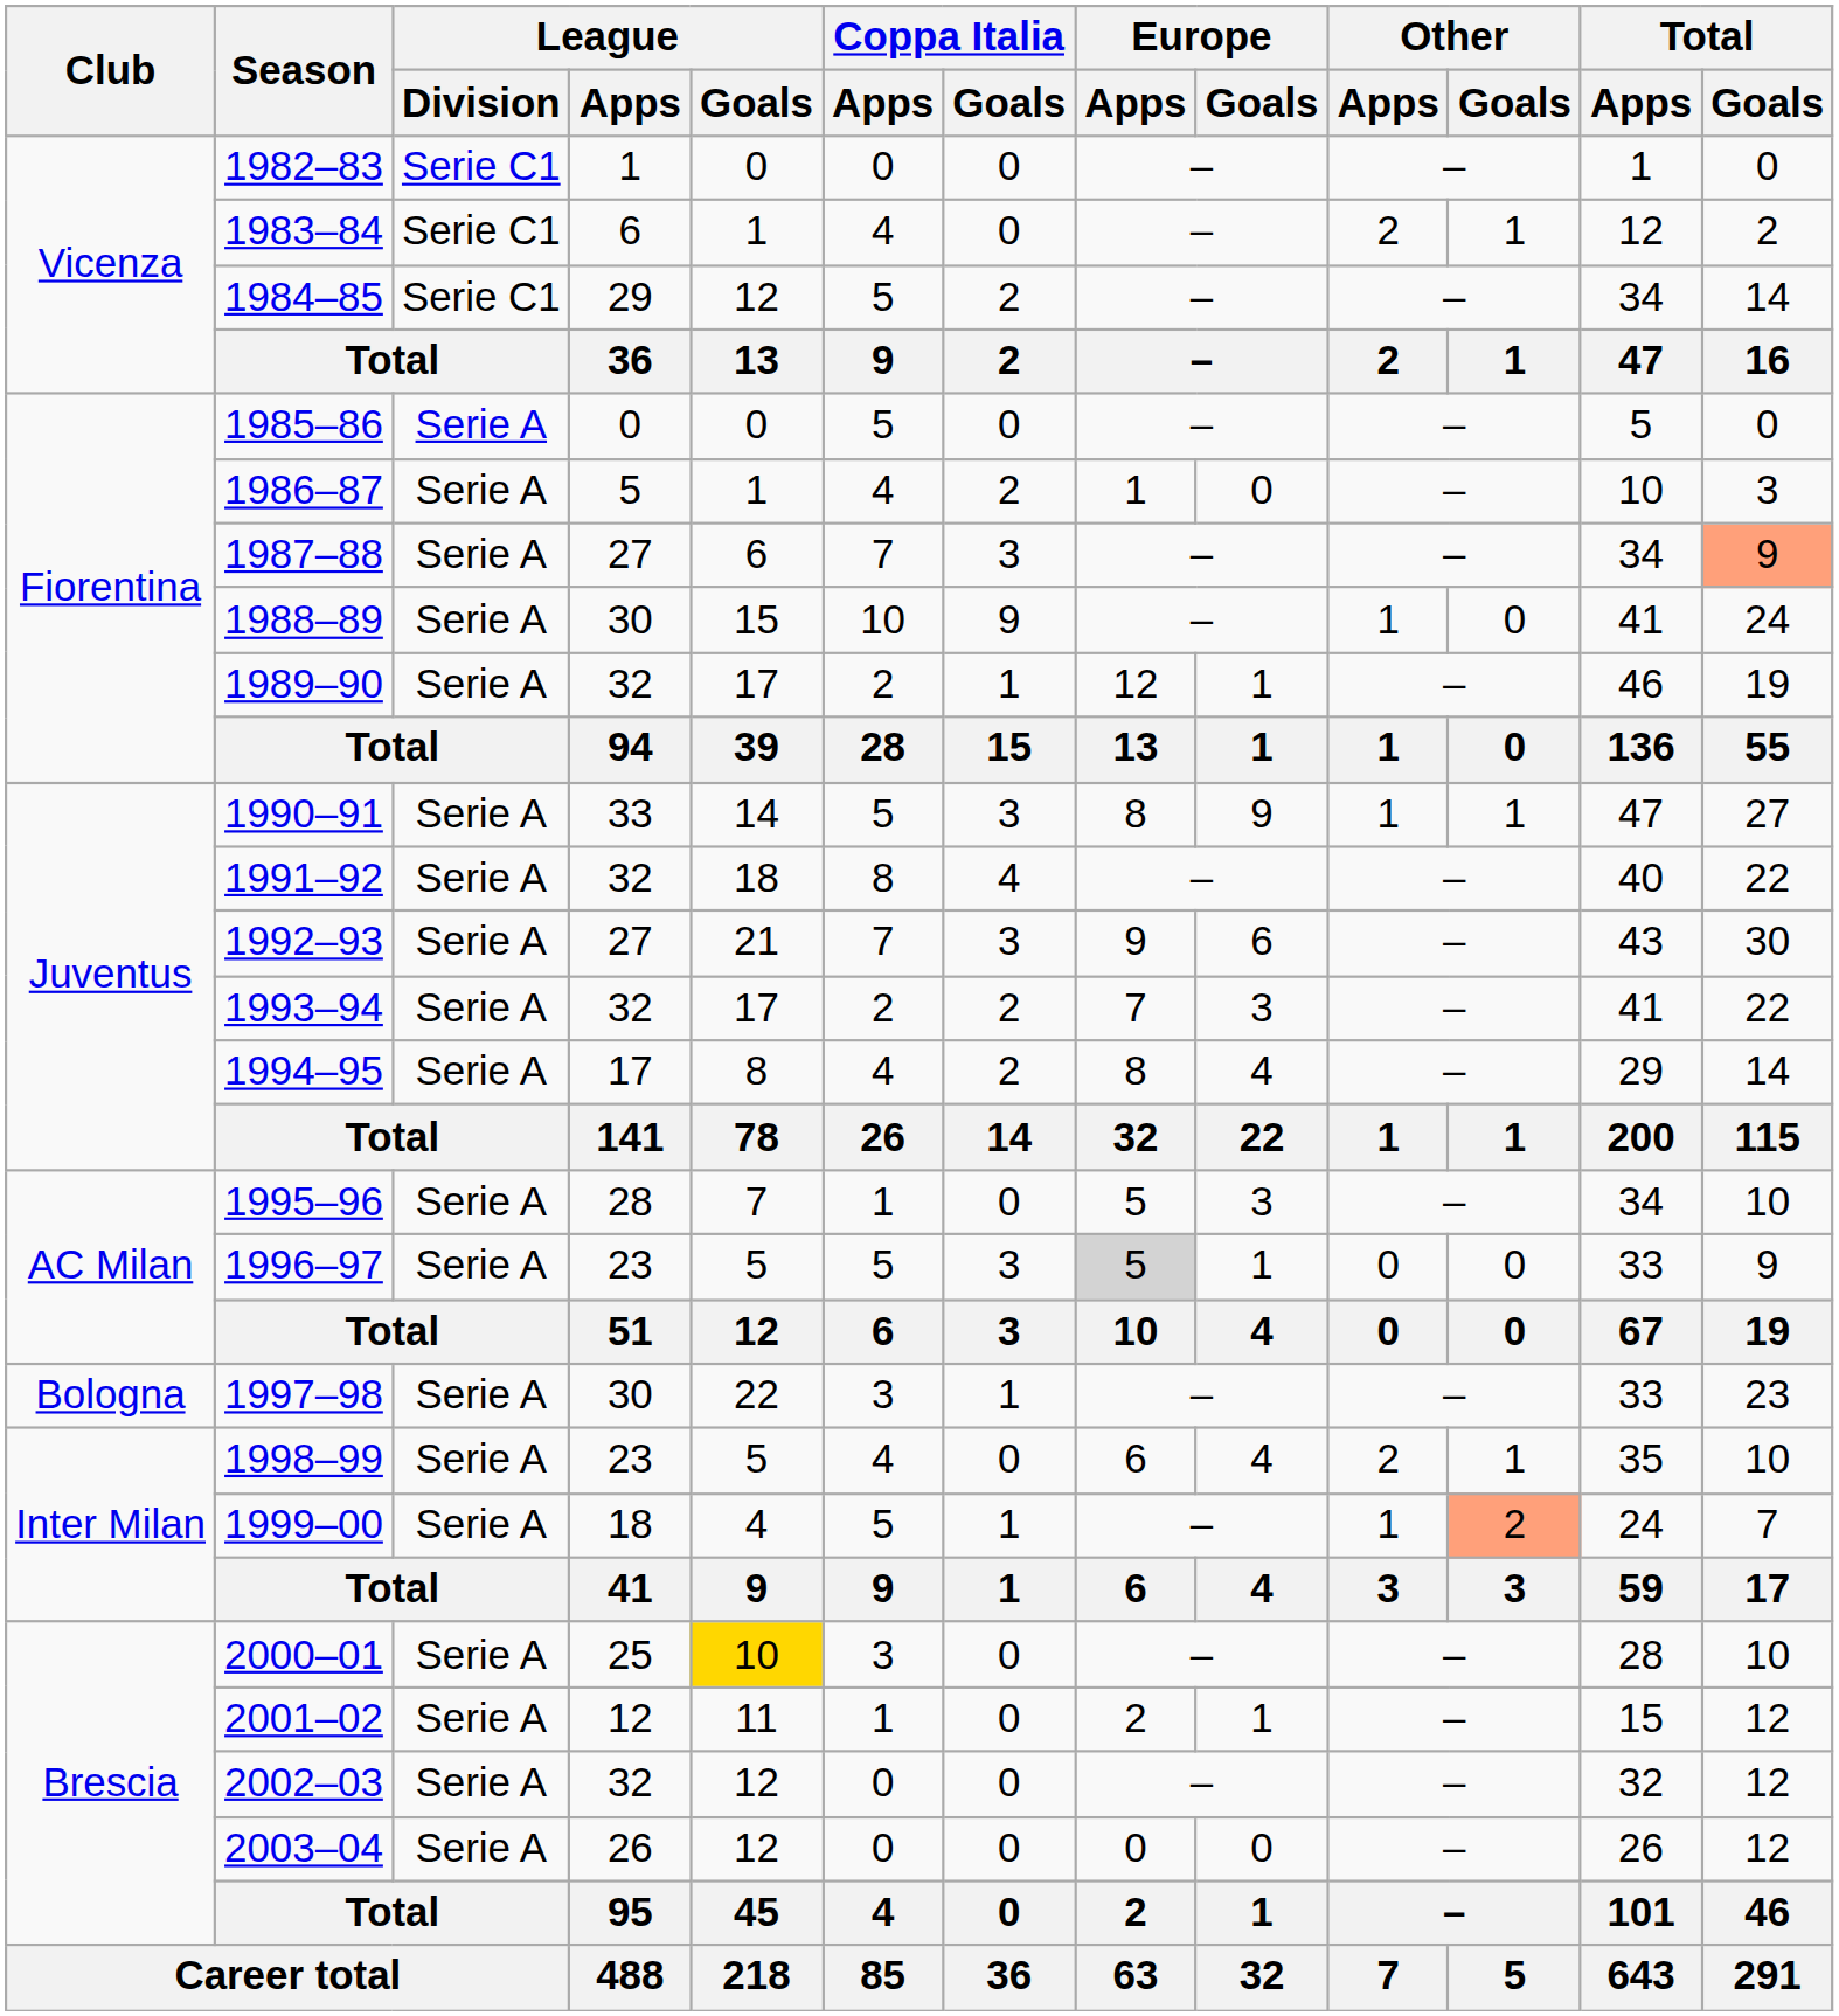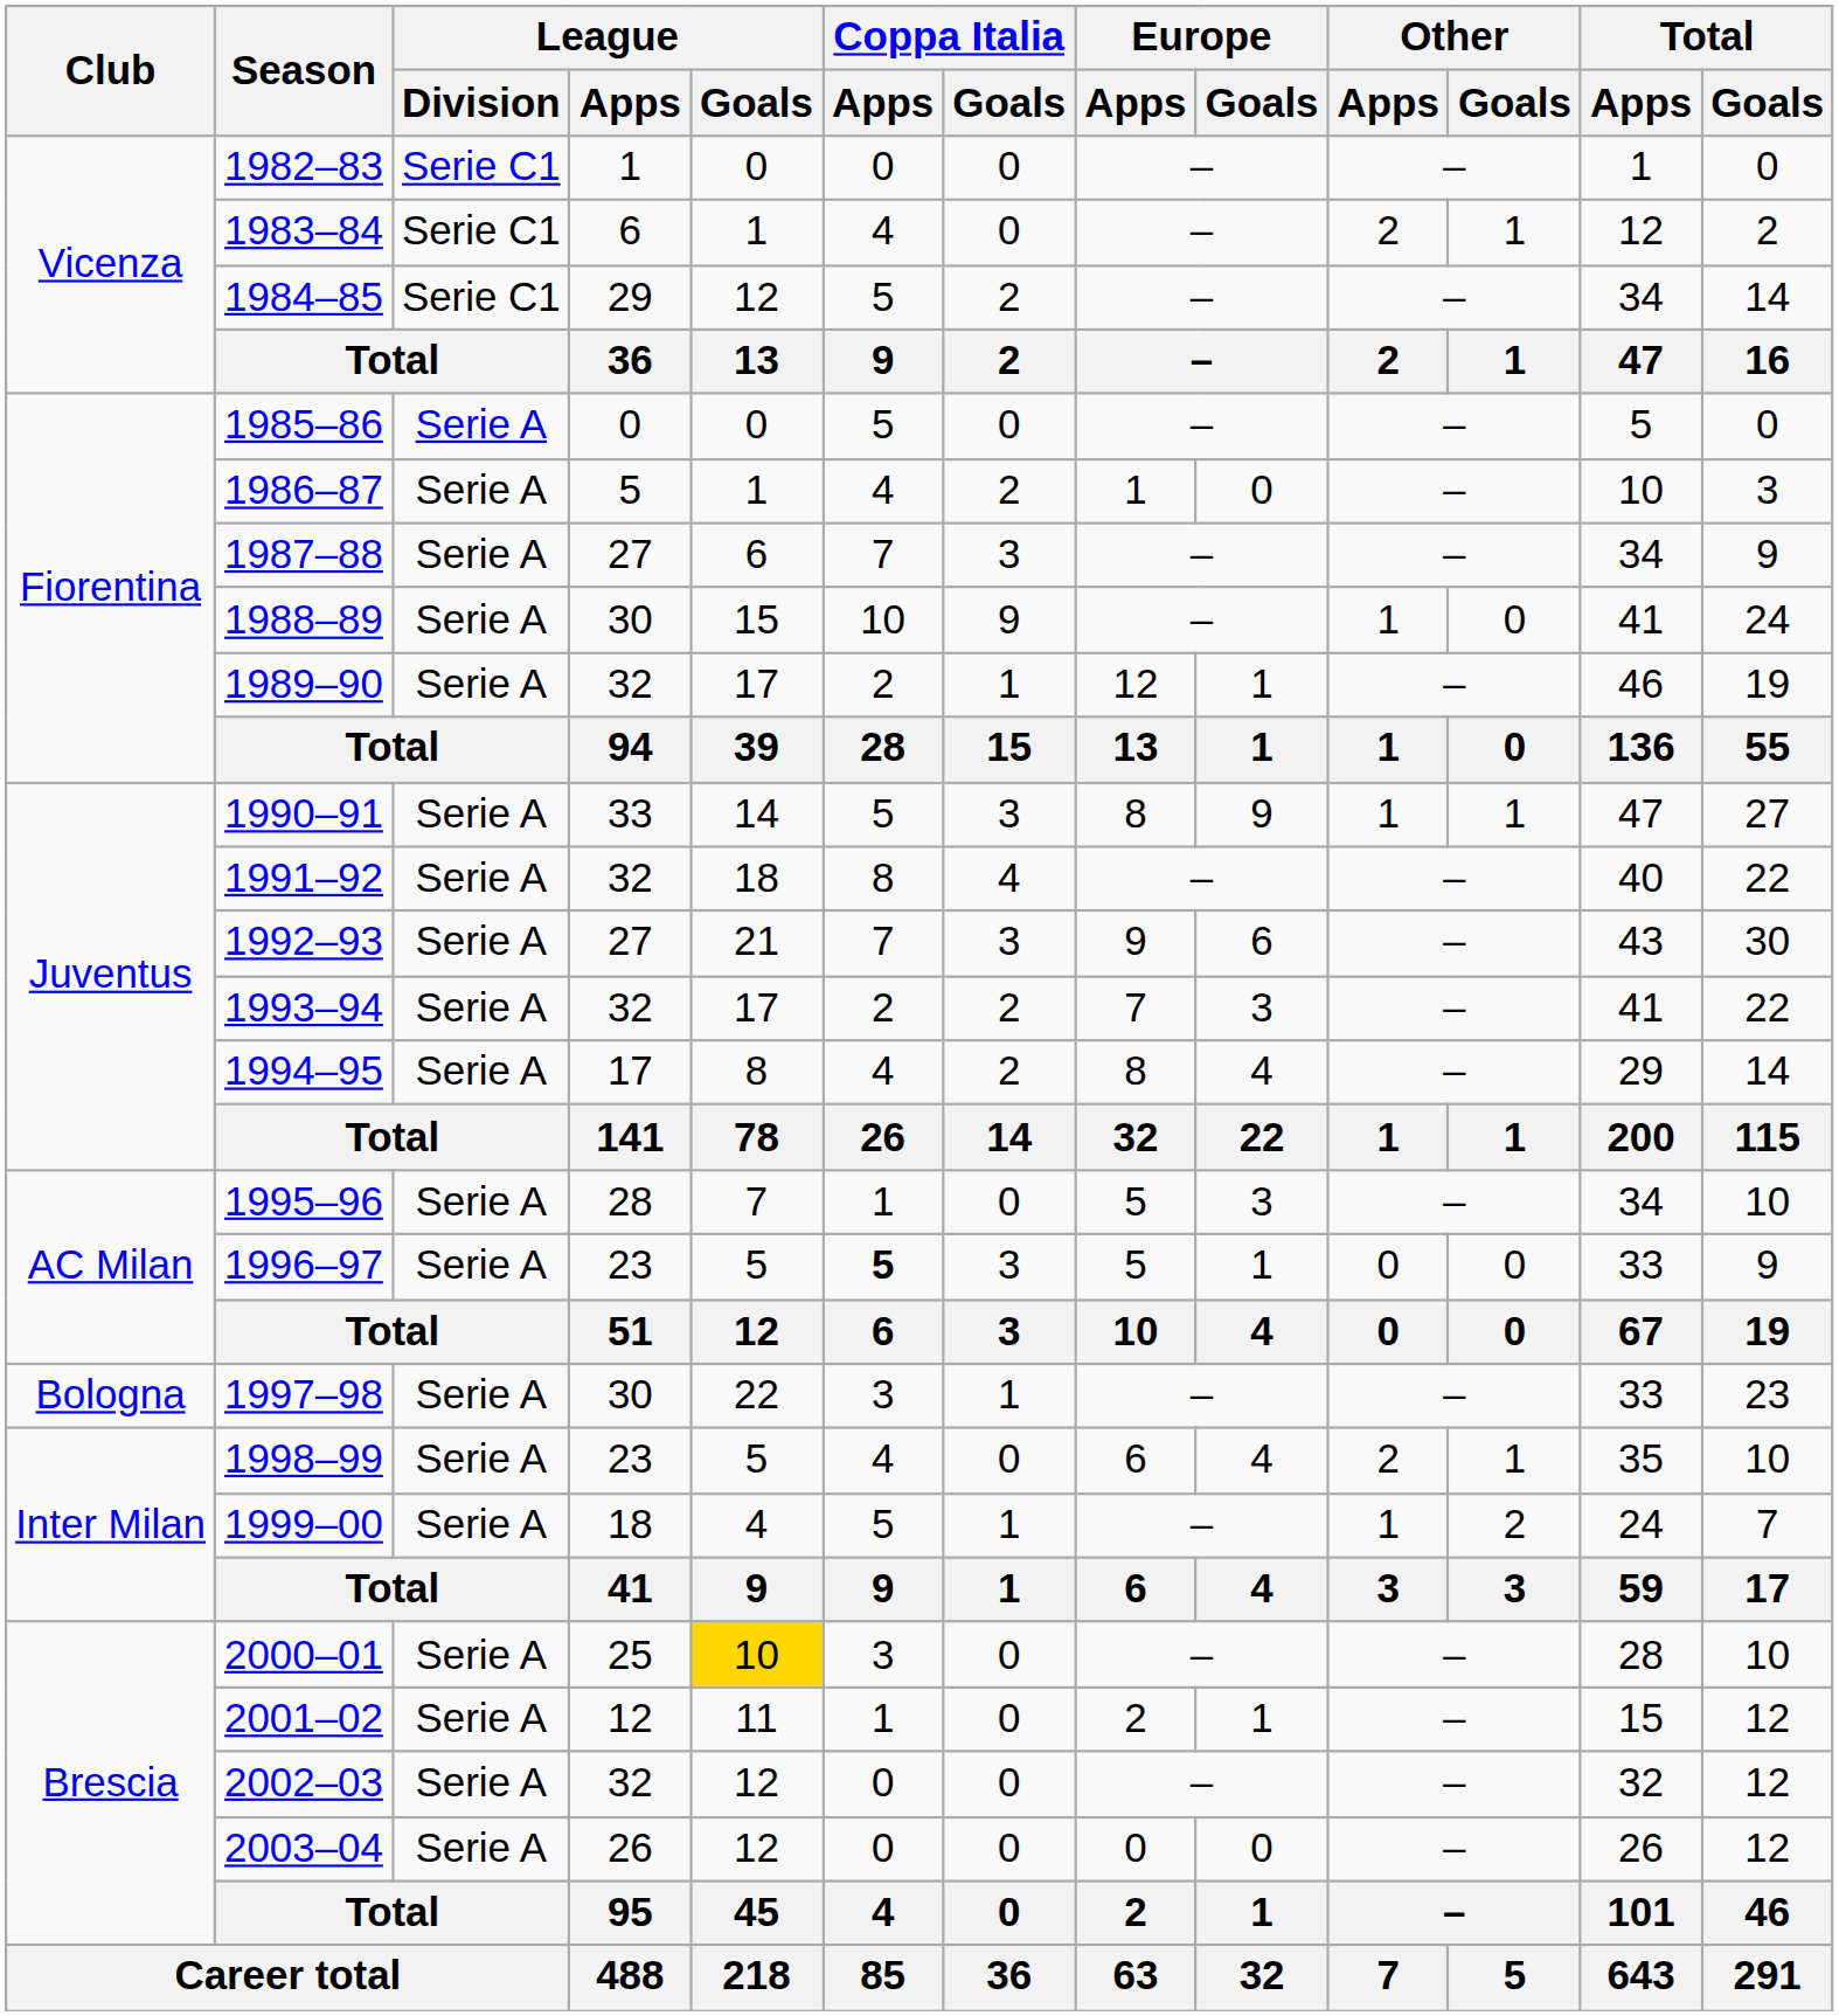 <table class="wikitable" style="text-align:center">
 <tr>
 <th rowspan="2">Club</th>
 <th rowspan="2">Season</th>
 <th colspan="3">League</th>
 <th colspan="2"><a href='#'>Coppa Italia</a></th>
 <th colspan="2">Europe</th>
 <th colspan="2">Other</th>
 <th colspan="2">Total</th>
 </tr>
 <tr>
 <th>Division</th>
 <th>Apps</th>
 <th>Goals</th>
 <th>Apps</th>
 <th>Goals</th>
 <th>Apps</th>
 <th>Goals</th>
 <th>Apps</th>
 <th>Goals</th>
 <th>Apps</th>
 <th>Goals</th>
 </tr>
 <tr>
 <td rowspan="4"><a href='#'>Vicenza</a></td>
 <td><a href='#'>1982–83</a></td>
 <td><a href='#'>Serie C1</a></td>
 <td>1</td>
 <td>0</td>
 <td>0</td>
 <td>0</td>
 <td colspan="2">–</td>
 <td colspan="2">–</td>
 <td>1</td>
 <td>0</td>
 </tr>
 <tr>
 <td><a href='#'>1983–84</a></td>
 <td>Serie C1</td>
 <td>6</td>
 <td>1</td>
 <td>4</td>
 <td>0</td>
 <td colspan="2">–</td>
 <td>2</td>
 <td>1</td>
 <td>12</td>
 <td>2</td>
 </tr>
 <tr>
 <td><a href='#'>1984–85</a></td>
 <td>Serie C1</td>
 <td>29</td>
 <td>12</td>
 <td>5</td>
 <td>2</td>
 <td colspan="2">–</td>
 <td colspan="2">–</td>
 <td>34</td>
 <td>14</td>
 </tr>
 <tr>
 <th colspan="2">Total</th>
 <th>36</th>
 <th>13</th>
 <th>9</th>
 <th>2</th>
 <th colspan="2">–</th>
 <th>2</th>
 <th>1</th>
 <th>47</th>
 <th>16</th>
 </tr>
 <tr>
 <td rowspan="6"><a href='#'>Fiorentina</a></td>
 <td><a href='#'>1985–86</a></td>
 <td><a href='#'>Serie A</a></td>
 <td>0</td>
 <td>0</td>
 <td>5</td>
 <td>0</td>
 <td colspan="2">–</td>
 <td colspan="2">–</td>
 <td>5</td>
 <td>0</td>
 </tr>
 <tr>
 <td><a href='#'>1986–87</a></td>
 <td>Serie A</td>
 <td>5</td>
 <td>1</td>
 <td>4</td>
 <td>2</td>
 <td>1</td>
 <td>0</td>
 <td colspan="2">–</td>
 <td>10</td>
 <td>3</td>
 </tr>
 <tr>
 <td><a href='#'>1987–88</a></td>
 <td>Serie A</td>
 <td>27</td>
 <td>6</td>
 <td>7</td>
 <td>3</td>
 <td colspan="2">–</td>
 <td colspan="2">–</td>
 <td>34</td>
-<td style="background: lightsalmon;">9</td>
+<td>9</td>
 </tr>
 <tr>
 <td><a href='#'>1988–89</a></td>
 <td>Serie A</td>
 <td>30</td>
 <td>15</td>
 <td>10</td>
 <td>9</td>
 <td colspan="2">–</td>
 <td>1</td>
 <td>0</td>
 <td>41</td>
 <td>24</td>
 </tr>
 <tr>
 <td><a href='#'>1989–90</a></td>
 <td>Serie A</td>
 <td>32</td>
 <td>17</td>
 <td>2</td>
 <td>1</td>
 <td>12</td>
 <td>1</td>
 <td colspan="2">–</td>
 <td>46</td>
 <td>19</td>
 </tr>
 <tr>
 <th colspan="2">Total</th>
 <th>94</th>
 <th>39</th>
 <th>28</th>
 <th>15</th>
 <th>13</th>
 <th>1</th>
 <th>1</th>
 <th>0</th>
 <th>136</th>
 <th>55</th>
 </tr>
 <tr>
 <td rowspan="6"><a href='#'>Juventus</a></td>
 <td><a href='#'>1990–91</a></td>
 <td>Serie A</td>
 <td>33</td>
 <td>14</td>
 <td>5</td>
 <td>3</td>
 <td>8</td>
 <td>9</td>
 <td>1</td>
 <td>1</td>
 <td>47</td>
 <td>27</td>
 </tr>
 <tr>
 <td><a href='#'>1991–92</a></td>
 <td>Serie A</td>
 <td>32</td>
 <td>18</td>
 <td>8</td>
 <td>4</td>
 <td colspan="2">–</td>
 <td colspan="2">–</td>
 <td>40</td>
 <td>22</td>
 </tr>
 <tr>
 <td><a href='#'>1992–93</a></td>
 <td>Serie A</td>
 <td>27</td>
 <td>21</td>
 <td>7</td>
 <td>3</td>
 <td>9</td>
 <td>6</td>
 <td colspan="2">–</td>
 <td>43</td>
 <td>30</td>
 </tr>
 <tr>
 <td><a href='#'>1993–94</a></td>
 <td>Serie A</td>
 <td>32</td>
 <td>17</td>
 <td>2</td>
 <td>2</td>
 <td>7</td>
 <td>3</td>
 <td colspan="2">–</td>
 <td>41</td>
 <td>22</td>
 </tr>
 <tr>
 <td><a href='#'>1994–95</a></td>
 <td>Serie A</td>
 <td>17</td>
 <td>8</td>
 <td>4</td>
 <td>2</td>
 <td>8</td>
 <td>4</td>
 <td colspan="2">–</td>
 <td>29</td>
 <td>14</td>
 </tr>
 <tr>
 <th colspan="2">Total</th>
 <th>141</th>
 <th>78</th>
 <th>26</th>
 <th>14</th>
 <th>32</th>
 <th>22</th>
 <th>1</th>
 <th>1</th>
 <th>200</th>
 <th>115</th>
 </tr>
 <tr>
 <td rowspan="3"><a href='#'>AC Milan</a></td>
 <td><a href='#'>1995–96</a></td>
 <td>Serie A</td>
 <td>28</td>
 <td>7</td>
 <td>1</td>
 <td>0</td>
 <td>5</td>
 <td>3</td>
 <td colspan="2">–</td>
 <td>34</td>
 <td>10</td>
 </tr>
 <tr>
 <td><a href='#'>1996–97</a></td>
 <td>Serie A</td>
 <td>23</td>
 <td>5</td>
+<td><strong>5</strong></td>
+<td>3</td>
 <td>5</td>
-<td>3</td>
-<td style="background: lightgrey;">5</td>
 <td>1</td>
 <td>0</td>
 <td>0</td>
 <td>33</td>
 <td>9</td>
 </tr>
 <tr>
 <th colspan="2">Total</th>
 <th>51</th>
 <th>12</th>
 <th>6</th>
 <th>3</th>
 <th>10</th>
 <th>4</th>
 <th>0</th>
 <th>0</th>
 <th>67</th>
 <th>19</th>
 </tr>
 <tr>
 <td><a href='#'>Bologna</a></td>
 <td><a href='#'>1997–98</a></td>
 <td>Serie A</td>
 <td>30</td>
 <td>22</td>
 <td>3</td>
 <td>1</td>
 <td colspan="2">–</td>
 <td colspan="2">–</td>
 <td>33</td>
 <td>23</td>
 </tr>
 <tr>
 <td rowspan="3"><a href='#'>Inter Milan</a></td>
 <td><a href='#'>1998–99</a></td>
 <td>Serie A</td>
 <td>23</td>
 <td>5</td>
 <td>4</td>
 <td>0</td>
 <td>6</td>
 <td>4</td>
 <td>2</td>
 <td>1</td>
 <td>35</td>
 <td>10</td>
 </tr>
 <tr>
 <td><a href='#'>1999–00</a></td>
 <td>Serie A</td>
 <td>18</td>
 <td>4</td>
 <td>5</td>
 <td>1</td>
 <td colspan="2">–</td>
 <td>1</td>
-<td style="background: lightsalmon;">2</td>
+<td>2</td>
 <td>24</td>
 <td>7</td>
 </tr>
 <tr>
 <th colspan="2">Total</th>
 <th>41</th>
 <th>9</th>
 <th>9</th>
 <th>1</th>
 <th>6</th>
 <th>4</th>
 <th>3</th>
 <th>3</th>
 <th>59</th>
 <th>17</th>
 </tr>
 <tr>
 <td rowspan="5"><a href='#'>Brescia</a></td>
 <td><a href='#'>2000–01</a></td>
 <td>Serie A</td>
 <td>25</td>
 <td style="background: gold;">10</td>
 <td>3</td>
 <td>0</td>
 <td colspan="2">–</td>
 <td colspan="2">–</td>
 <td>28</td>
 <td>10</td>
 </tr>
 <tr>
 <td><a href='#'>2001–02</a></td>
 <td>Serie A</td>
 <td>12</td>
 <td>11</td>
 <td>1</td>
 <td>0</td>
 <td>2</td>
 <td>1</td>
 <td colspan="2">–</td>
 <td>15</td>
 <td>12</td>
 </tr>
 <tr>
 <td><a href='#'>2002–03</a></td>
 <td>Serie A</td>
 <td>32</td>
 <td>12</td>
 <td>0</td>
 <td>0</td>
 <td colspan="2">–</td>
 <td colspan="2">–</td>
 <td>32</td>
 <td>12</td>
 </tr>
 <tr>
 <td><a href='#'>2003–04</a></td>
 <td>Serie A</td>
 <td>26</td>
 <td>12</td>
 <td>0</td>
 <td>0</td>
 <td>0</td>
 <td>0</td>
 <td colspan="2">–</td>
 <td>26</td>
 <td>12</td>
 </tr>
 <tr>
 <th colspan="2">Total</th>
 <th>95</th>
 <th>45</th>
 <th>4</th>
 <th>0</th>
 <th>2</th>
 <th>1</th>
 <th colspan="2">–</th>
 <th>101</th>
 <th>46</th>
 </tr>
 <tr>
 <th colspan="3">Career total</th>
 <th>488</th>
 <th>218</th>
 <th>85</th>
 <th>36</th>
 <th>63</th>
 <th>32</th>
 <th>7</th>
 <th>5</th>
 <th>643</th>
 <th>291</th>
 </tr>
 </table>
